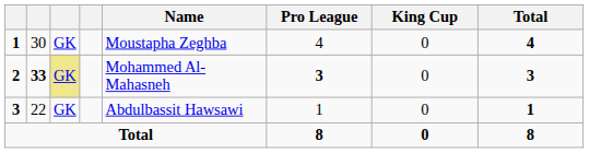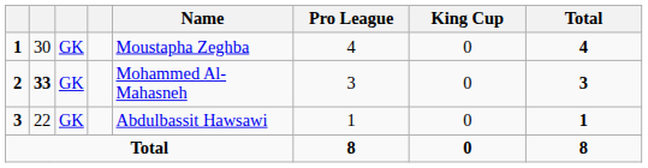 <table class="wikitable" style="text-align:center">
 <tr>
 <th width=15></th>
 <th width=15></th>
 <th width=15></th>
 <th width=15></th>
 <th width=160>Name</th>
 <th width=100>Pro League</th>
 <th width=100>King Cup</th>
 <th width=100>Total</th>
 </tr>
 <tr>
 <td><strong>1</strong></td>
 <td>30</td>
 <td><a href='#'>GK</a></td>
 <td></td>
 <td align=left><a href='#'>Moustapha Zeghba</a></td>
 <td>4</td>
 <td>0</td>
 <td><strong>4</strong></td>
 </tr>
 <tr>
 <td><strong>2</strong></td>
 <td><strong>33</strong></td>
-<td style="background: khaki;"><a href='#'>GK</a></td>
+<td><a href='#'>GK</a></td>
 <td></td>
 <td align=left><a href='#'>Mohammed Al-Mahasneh</a></td>
-<td><strong>3</strong></td>
+<td>3</td>
 <td>0</td>
 <td><strong>3</strong></td>
 </tr>
 <tr>
 <td><strong>3</strong></td>
 <td>22</td>
 <td><a href='#'>GK</a></td>
 <td></td>
 <td align=left><a href='#'>Abdulbassit Hawsawi</a></td>
 <td>1</td>
 <td>0</td>
 <td><strong>1</strong></td>
 </tr>
 <tr>
 <td colspan=5><strong>Total</strong></td>
 <td><strong>8</strong></td>
 <td><strong>0</strong></td>
 <td><strong>8</strong></td>
 </tr>
 </table>
